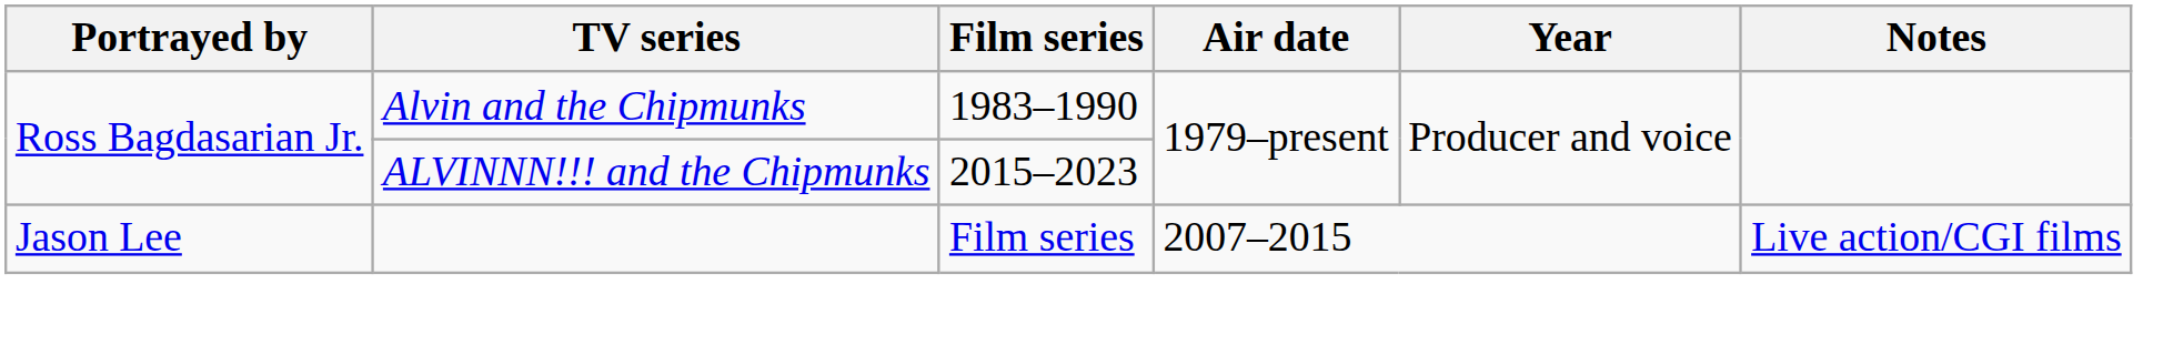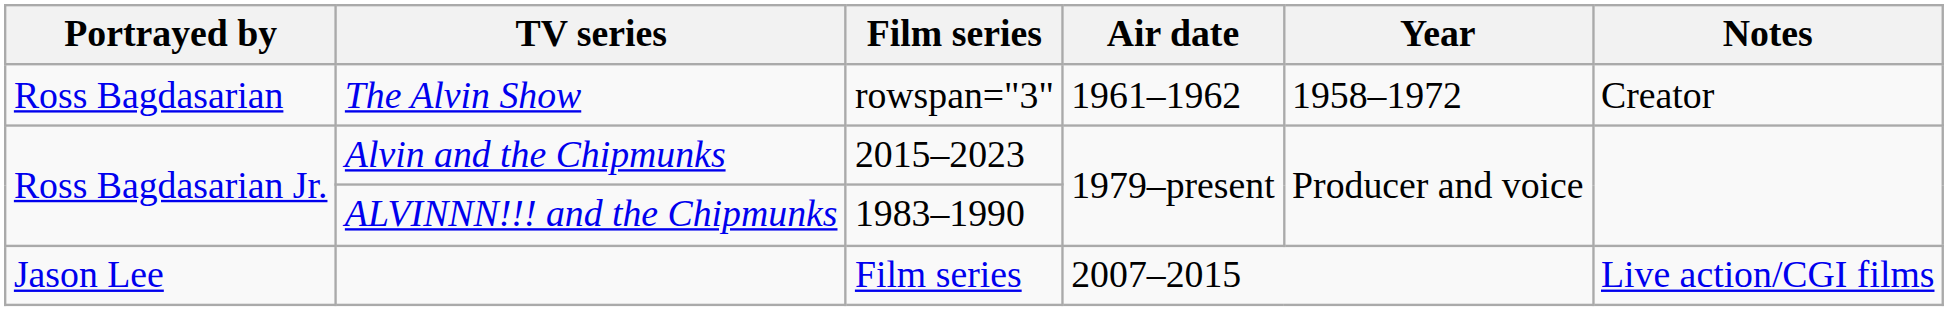 <table class="wikitable">
 <tr>
 <th>Portrayed by</th>
 <th>TV series</th>
 <th>Film series</th>
 <th>Air date</th>
 <th>Year</th>
 <th>Notes</th>
 </tr>
 <tr>
+<td><a href='#'>Ross Bagdasarian</a></td>
+<td><em><a href='#'>The Alvin Show</a></em></td>
+<td>rowspan="3" </td>
+<td>1961–1962</td>
+<td>1958–1972</td>
+<td>Creator</td>
+</tr>
+<tr>
 <td rowspan="2"><a href='#'>Ross Bagdasarian Jr.</a></td>
 <td><em><a href='#'>Alvin and the Chipmunks</a></em></td>
-<td>1983–1990</td>
+<td>2015–2023</td>
 <td rowspan="2">1979–present</td>
 <td rowspan="2">Producer and voice</td>
 </tr>
 <tr>
 <td><em><a href='#'>ALVINNN!!! and the Chipmunks</a></em></td>
-<td>2015–2023</td>
+<td>1983–1990</td>
 </tr>
 <tr>
 <td><a href='#'>Jason Lee</a></td>
 <td></td>
 <td><a href='#'>Film series</a></td>
 <td colspan="2">2007–2015</td>
 <td><a href='#'>Live action/CGI films</a></td>
 </tr>
 </table>
